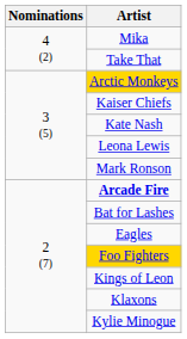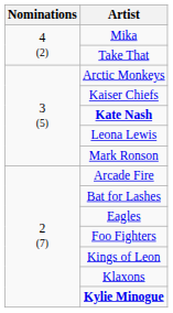 <table class="wikitable" rowspan="2" style="text-align:center;">
 <tr>
 <th scope="col" style="width:55px;">Nominations</th>
 <th scope="col" style="text-align:center;">Artist</th>
 </tr>
 <tr>
 <td rowspan="2">4<br><small>(2)</small></td>
 <td><a href='#'>Mika</a></td>
 </tr>
 <tr>
 <td><a href='#'>Take That</a></td>
 </tr>
 <tr>
 <td rowspan="5">3<br><small>(5)</small></td>
-<td style="background: gold;"><a href='#'>Arctic Monkeys</a></td>
+<td><a href='#'>Arctic Monkeys</a></td>
 </tr>
 <tr>
 <td><a href='#'>Kaiser Chiefs</a></td>
 </tr>
 <tr>
-<td><a href='#'>Kate Nash</a></td>
+<td><strong><a href='#'>Kate Nash</a></strong></td>
 </tr>
 <tr>
 <td><a href='#'>Leona Lewis</a></td>
 </tr>
 <tr>
 <td><a href='#'>Mark Ronson</a></td>
 </tr>
 <tr>
 <td rowspan="7">2<br><small>(7)</small></td>
-<td><strong><a href='#'>Arcade Fire</a></strong></td>
+<td><a href='#'>Arcade Fire</a></td>
 </tr>
 <tr>
 <td><a href='#'>Bat for Lashes</a></td>
 </tr>
 <tr>
 <td><a href='#'>Eagles</a></td>
 </tr>
 <tr>
-<td style="background: gold;"><a href='#'>Foo Fighters</a></td>
+<td><a href='#'>Foo Fighters</a></td>
 </tr>
 <tr>
 <td><a href='#'>Kings of Leon</a></td>
 </tr>
 <tr>
 <td><a href='#'>Klaxons</a></td>
 </tr>
 <tr>
-<td><a href='#'>Kylie Minogue</a></td>
+<td><strong><a href='#'>Kylie Minogue</a></strong></td>
 </tr>
 </table>
